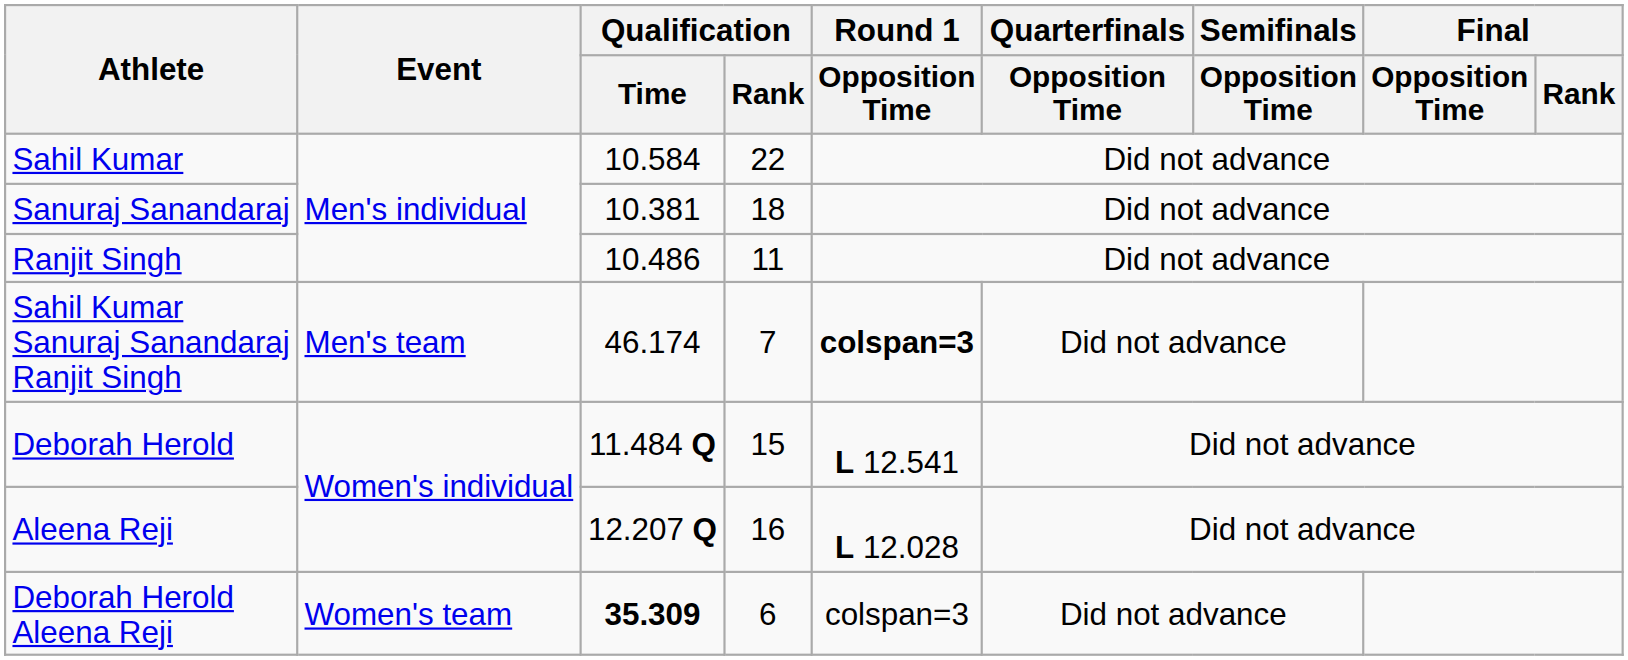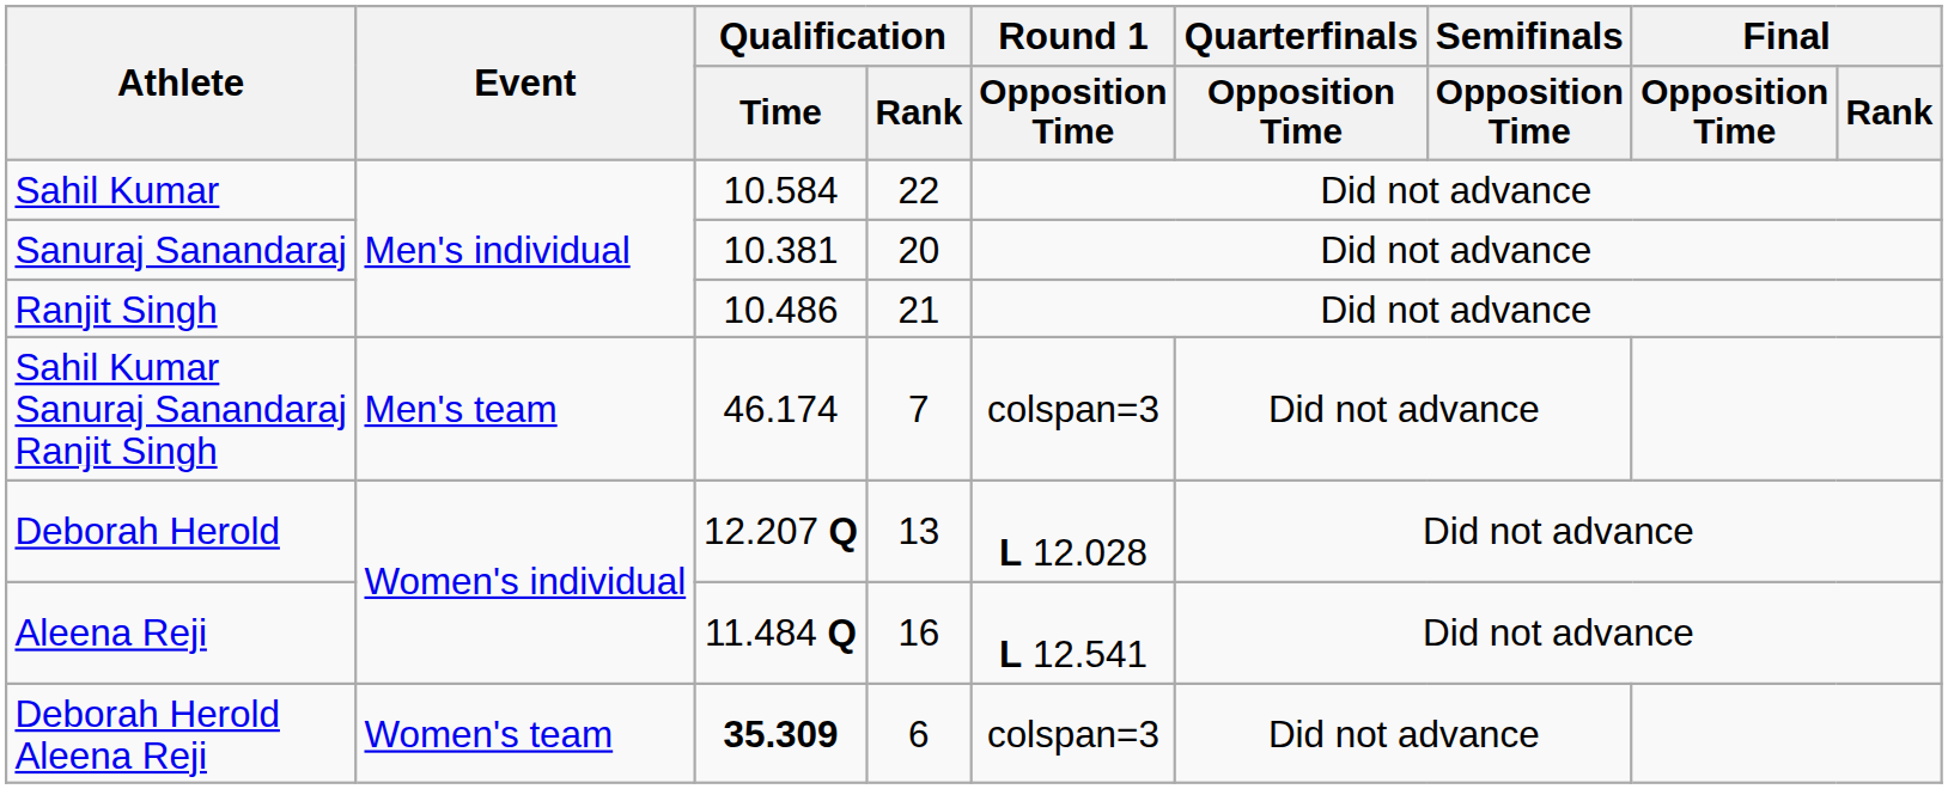 <table class=wikitable style=font-size:90%;text-align:center;>
 <tr>
 <th rowspan=2>Athlete</th>
 <th rowspan=2>Event</th>
 <th colspan=2>Qualification</th>
 <th>Round 1</th>
 <th>Quarterfinals</th>
 <th>Semifinals</th>
 <th colspan=2>Final</th>
 </tr>
 <tr style="font-size:95%">
 <th>Time</th>
 <th>Rank</th>
 <th>Opposition<br>Time</th>
 <th>Opposition<br>Time</th>
 <th>Opposition<br>Time</th>
 <th>Opposition<br>Time</th>
 <th>Rank</th>
 </tr>
 <tr>
 <td align=left><a href='#'>Sahil Kumar</a></td>
 <td align=left rowspan="3"><a href='#'>Men's individual</a></td>
 <td>10.584</td>
 <td>22</td>
 <td colspan="6">Did not advance</td>
 </tr>
 <tr>
 <td align=left><a href='#'>Sanuraj Sanandaraj</a></td>
 <td>10.381</td>
-<td>18</td>
+<td>20</td>
 <td colspan="6">Did not advance</td>
 </tr>
 <tr>
 <td align=left><a href='#'>Ranjit Singh</a></td>
 <td>10.486</td>
-<td>11</td>
+<td>21</td>
 <td colspan="6">Did not advance</td>
 </tr>
 <tr>
 <td align=left><a href='#'>Sahil Kumar</a><br><a href='#'>Sanuraj Sanandaraj</a><br><a href='#'>Ranjit Singh</a></td>
 <td align=left><a href='#'>Men's team</a></td>
 <td>46.174</td>
 <td>7</td>
-<td><strong>colspan=3 </strong></td>
+<td>colspan=3 </td>
 <td colspan="2">Did not advance</td>
 </tr>
 <tr>
 <td align=left><a href='#'>Deborah Herold</a></td>
 <td align=left rowspan="2"><a href='#'>Women's individual</a></td>
-<td>11.484 <strong>Q</strong></td>
-<td>15</td>
-<td><br><strong>L</strong> 12.541</td>
+<td>12.207 <strong>Q</strong></td>
+<td>13</td>
+<td><br><strong>L</strong> 12.028</td>
 <td colspan="4">Did not advance</td>
 </tr>
 <tr>
 <td align=left><a href='#'>Aleena Reji</a></td>
-<td>12.207 <strong>Q</strong></td>
+<td>11.484 <strong>Q</strong></td>
 <td>16</td>
-<td><br><strong>L</strong> 12.028</td>
+<td><br><strong>L</strong> 12.541</td>
 <td colspan="4">Did not advance</td>
 </tr>
 <tr>
 <td align=left><a href='#'>Deborah Herold</a><br><a href='#'>Aleena Reji</a></td>
 <td align=left><a href='#'>Women's team</a></td>
 <td><strong>35.309</strong></td>
 <td>6</td>
 <td>colspan=3 </td>
 <td colspan="2">Did not advance</td>
 </tr>
 </table>
